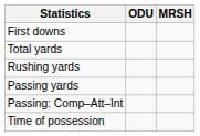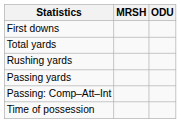 <table class="wikitable" style="float: left;">
 <tr>
 <th>Statistics</th>
+<th>MRSH</th>
 <th>ODU</th>
-<th>MRSH</th>
 </tr>
 <tr>
 <td>First downs</td>
 <td></td>
 <td></td>
 </tr>
 <tr>
 <td>Total yards</td>
 <td></td>
 <td></td>
 </tr>
 <tr>
 <td>Rushing yards</td>
 <td></td>
 <td></td>
 </tr>
 <tr>
 <td>Passing yards</td>
 <td></td>
 <td></td>
 </tr>
 <tr>
 <td>Passing: Comp–Att–Int</td>
 <td></td>
 <td></td>
 </tr>
 <tr>
 <td>Time of possession</td>
 <td></td>
 <td></td>
 </tr>
 </table>
